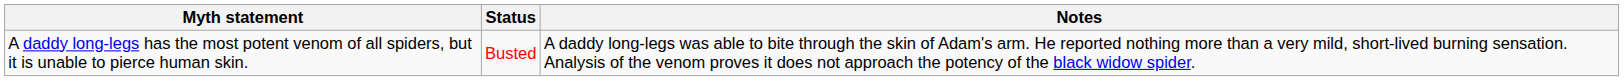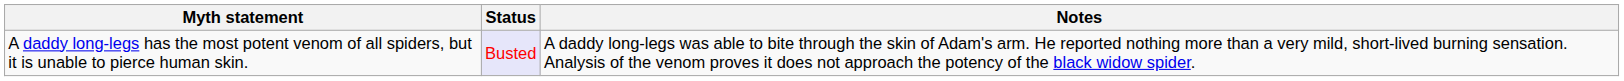 <table class="wikitable plainrowheaders">
 <tr>
 <th>Myth statement</th>
 <th>Status</th>
 <th>Notes</th>
 </tr>
 <tr>
 <td>A <a href='#'>daddy long-legs</a> has the most potent venom of all spiders, but it is unable to pierce human skin.</td>
-<td style="color:red">Busted</td>
+<td style="background: lavender; color:red">Busted</td>
 <td>A daddy long-legs was able to bite through the skin of Adam's arm. He reported nothing more than a very mild, short-lived burning sensation. Analysis of the venom proves it does not approach the potency of the <a href='#'>black widow spider</a>.</td>
 </tr>
 </table>
